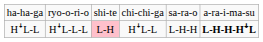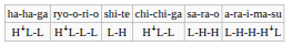 <table class="wikitable" style="text-align:center">
 <tr>
 <td>ha-ha-ga</td>
 <td>ryo-o-ri-o</td>
 <td>shi-te</td>
 <td>chi-chi-ga</td>
 <td>sa-ra-o</td>
 <td>a-ra-i-ma-su</td>
 </tr>
 <tr>
 <td>HꜜL-L</td>
 <td>HꜜL-L-L</td>
-<td style="background: pink;">L-H</td>
+<td>L-H</td>
 <td>HꜜL-L</td>
 <td>L-H-H</td>
-<td><strong>L-H-H-HꜜL</strong></td>
+<td>L-H-H-HꜜL</td>
 </tr>
 </table>
